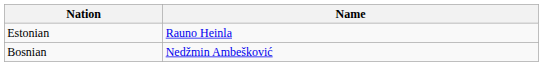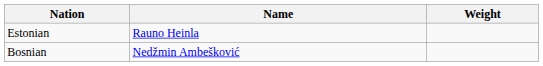 <table class="wikitable" style="display: inline-table;width: 45%;">
 <tr>
 <th>Nation</th>
 <th>Name</th>
+<th>Weight</th>
 </tr>
 <tr>
 <td> Estonian</td>
 <td><a href='#'>Rauno Heinla</a></td>
+<td></td>
 </tr>
 <tr>
 <td> Bosnian</td>
 <td><a href='#'>Nedžmin Ambešković</a></td>
+<td></td>
 </tr>
 </table>
